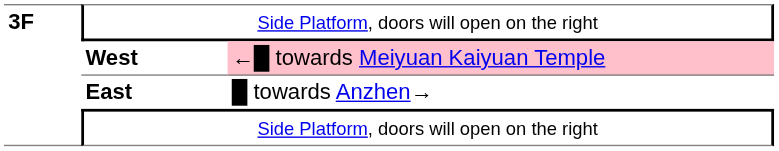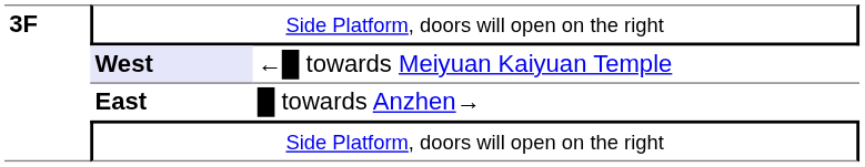 <table table border=0 cellspacing=0 cellpadding=3>
 <tr>
 <td style="border-top:solid 1px gray;border-bottom:solid 1px gray;" width=50 rowspan=4 valign=top><strong>3F</strong></td>
 <td style="border-right:solid 2px black;border-left:solid 2px black;border-bottom:solid 2px black;border-top:solid 1px gray;text-align:center;" colspan=2><small><a href='#'>Side Platform</a>, doors will open on the right</small></td>
 </tr>
 <tr>
-<td style="border-bottom:solid 1px gray;" width=100><strong>West</strong></td>
-<td style="background: pink; border-bottom:solid 1px gray;" width=390>←<span>█</span> towards <a href='#'>Meiyuan Kaiyuan Temple</a></td>
+<td style="background: lavender; border-bottom:solid 1px gray;" width=100><strong>West</strong></td>
+<td style="border-bottom:solid 1px gray;" width=390>←<span>█</span> towards <a href='#'>Meiyuan Kaiyuan Temple</a></td>
 </tr>
 <tr>
 <td><strong>East</strong></td>
 <td><span>█</span> towards <a href='#'>Anzhen</a>→</td>
 </tr>
 <tr>
 <td style="border-top:solid 2px black;border-right:solid 2px black;border-left:solid 2px black;border-bottom:solid 1px gray;text-align:center;" colspan=2><small><a href='#'>Side Platform</a>, doors will open on the right</small></td>
 </tr>
 </table>
